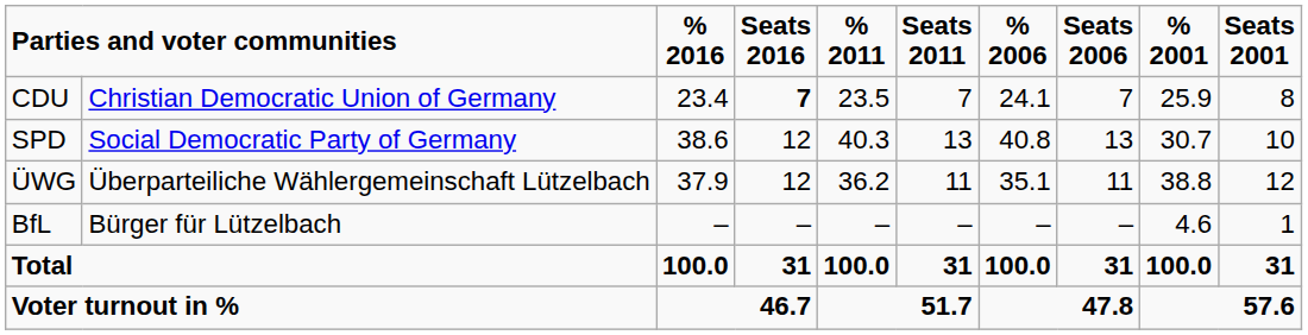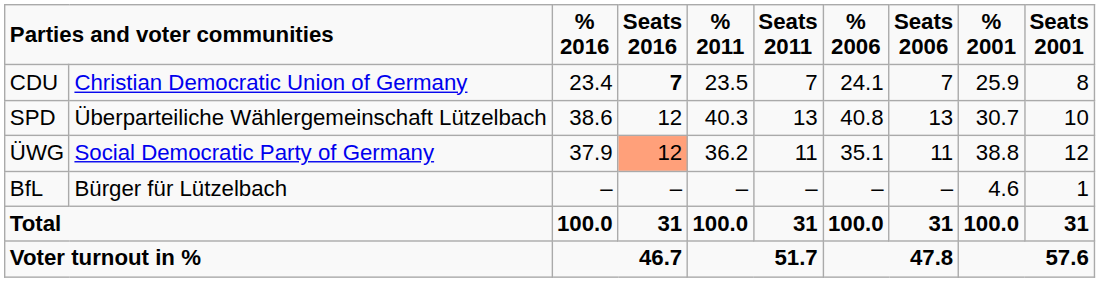 <table class="wikitable">
 <tr --  class="hintergrundfarbe5">
 <td colspan="2"><strong>Parties and voter communities</strong></td>
 <td align="center"><strong>%<br>2016</strong></td>
 <td align="center"><strong>Seats<br>2016</strong></td>
 <td align="center"><strong>%<br>2011</strong></td>
 <td align="center"><strong>Seats<br>2011</strong></td>
 <td align="center"><strong>%<br>2006</strong></td>
 <td align="center"><strong>Seats<br>2006</strong></td>
 <td align="center"><strong>%<br>2001</strong></td>
 <td align="center"><strong>Seats<br>2001</strong></td>
 </tr>
 <tr --->
 <td>CDU</td>
 <td><a href='#'>Christian Democratic Union of Germany</a></td>
 <td align="right">23.4</td>
 <td align="right"><strong>7</strong></td>
 <td align="right">23.5</td>
 <td align="right">7</td>
 <td align="right">24.1</td>
 <td align="right">7</td>
 <td align="right">25.9</td>
 <td align="right">8</td>
 </tr>
 <tr --->
 <td>SPD</td>
-<td><a href='#'>Social Democratic Party of Germany</a></td>
+<td>Überparteiliche Wählergemeinschaft Lützelbach</td>
 <td align="right">38.6</td>
 <td align="right">12</td>
 <td align="right">40.3</td>
 <td align="right">13</td>
 <td align="right">40.8</td>
 <td align="right">13</td>
 <td align="right">30.7</td>
 <td align="right">10</td>
 </tr>
 <tr --->
 <td>ÜWG</td>
-<td>Überparteiliche Wählergemeinschaft Lützelbach</td>
+<td><a href='#'>Social Democratic Party of Germany</a></td>
 <td align="right">37.9</td>
-<td align="right">12</td>
+<td align="right" style="background: lightsalmon;">12</td>
 <td align="right">36.2</td>
 <td align="right">11</td>
 <td align="right">35.1</td>
 <td align="right">11</td>
 <td align="right">38.8</td>
 <td align="right">12</td>
 </tr>
 <tr --->
 <td>BfL</td>
 <td>Bürger für Lützelbach</td>
 <td align="right">–</td>
 <td align="right">–</td>
 <td align="right">–</td>
 <td align="right">–</td>
 <td align="right">–</td>
 <td align="right">–</td>
 <td align="right">4.6</td>
 <td align="right">1</td>
 </tr>
 <tr --- class="hintergrundfarbe5">
 <td colspan="2"><strong>Total</strong></td>
 <td align="right"><strong>100.0</strong></td>
 <td align="right"><strong>31</strong></td>
 <td align="right"><strong>100.0</strong></td>
 <td align="right"><strong>31</strong></td>
 <td align="right"><strong>100.0</strong></td>
 <td align="right"><strong>31</strong></td>
 <td align="right"><strong>100.0</strong></td>
 <td align="right"><strong>31</strong></td>
 </tr>
 <tr --- class="hintergrundfarbe5">
 <td colspan="2"><strong>Voter turnout in %</strong></td>
 <td colspan="2" align="right"><strong>46.7</strong></td>
 <td colspan="2" align="right"><strong>51.7</strong></td>
 <td colspan="2" align="right"><strong>47.8</strong></td>
 <td colspan="2" align="right"><strong>57.6</strong></td>
 </tr>
 </table>
